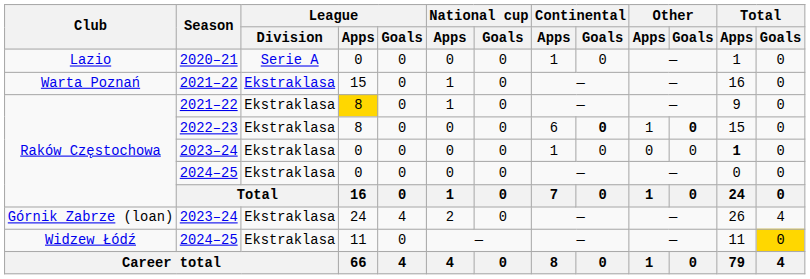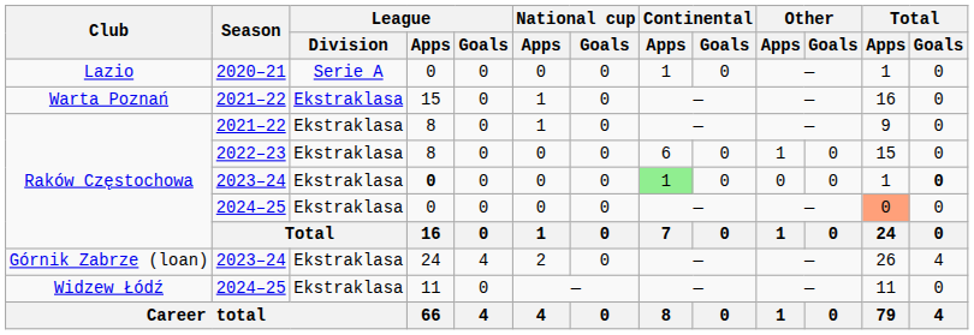 <table class="wikitable" style="text-align: center;">
 <tr>
 <th rowspan=2>Club</th>
 <th rowspan=2>Season</th>
 <th colspan=3>League</th>
 <th colspan=2>National cup</th>
 <th colspan=2>Continental</th>
 <th colspan=2>Other</th>
 <th colspan=2>Total</th>
 </tr>
 <tr>
 <th>Division</th>
 <th>Apps</th>
 <th>Goals</th>
 <th>Apps</th>
 <th>Goals</th>
 <th>Apps</th>
 <th>Goals</th>
 <th>Apps</th>
 <th>Goals</th>
 <th>Apps</th>
 <th>Goals</th>
 </tr>
 <tr>
 <td><a href='#'>Lazio</a></td>
 <td><a href='#'>2020–21</a></td>
 <td><a href='#'>Serie A</a></td>
 <td>0</td>
 <td>0</td>
 <td>0</td>
 <td>0</td>
 <td>1</td>
 <td>0</td>
 <td colspan="2">—</td>
 <td>1</td>
 <td>0</td>
 </tr>
 <tr>
 <td><a href='#'>Warta Poznań</a></td>
 <td><a href='#'>2021–22</a></td>
 <td><a href='#'>Ekstraklasa</a></td>
 <td>15</td>
 <td>0</td>
 <td>1</td>
 <td>0</td>
 <td colspan="2">—</td>
 <td colspan="2">—</td>
 <td>16</td>
 <td>0</td>
 </tr>
 <tr>
 <td rowspan="5"><a href='#'>Raków Częstochowa</a></td>
 <td><a href='#'>2021–22</a></td>
 <td>Ekstraklasa</td>
-<td style="background: gold;">8</td>
+<td>8</td>
 <td>0</td>
 <td>1</td>
 <td>0</td>
 <td colspan="2">—</td>
 <td colspan="2">—</td>
 <td>9</td>
 <td>0</td>
 </tr>
 <tr>
 <td><a href='#'>2022–23</a></td>
 <td>Ekstraklasa</td>
 <td>8</td>
 <td>0</td>
 <td>0</td>
 <td>0</td>
 <td>6</td>
-<td><strong>0</strong></td>
+<td>0</td>
 <td>1</td>
-<td><strong>0</strong></td>
+<td>0</td>
 <td>15</td>
 <td>0</td>
 </tr>
 <tr>
 <td><a href='#'>2023–24</a></td>
 <td>Ekstraklasa</td>
+<td><strong>0</strong></td>
 <td>0</td>
+<td>0</td>
+<td>0</td>
+<td style="background: lightgreen;">1</td>
 <td>0</td>
 <td>0</td>
 <td>0</td>
 <td>1</td>
-<td>0</td>
-<td>0</td>
-<td>0</td>
-<td><strong>1</strong></td>
-<td>0</td>
+<td><strong>0</strong></td>
 </tr>
 <tr>
 <td><a href='#'>2024–25</a></td>
 <td>Ekstraklasa</td>
 <td>0</td>
 <td>0</td>
 <td>0</td>
 <td>0</td>
 <td colspan="2">—</td>
 <td colspan="2">—</td>
-<td>0</td>
+<td style="background: lightsalmon;">0</td>
 <td>0</td>
 </tr>
 <tr>
 <th colspan="2">Total</th>
 <th>16</th>
 <th>0</th>
 <th>1</th>
 <th>0</th>
 <th>7</th>
 <th>0</th>
 <th>1</th>
 <th>0</th>
 <th>24</th>
 <th>0</th>
 </tr>
 <tr>
 <td><a href='#'>Górnik Zabrze</a> (loan)</td>
 <td><a href='#'>2023–24</a></td>
 <td>Ekstraklasa</td>
 <td>24</td>
 <td>4</td>
 <td>2</td>
 <td>0</td>
 <td colspan="2">—</td>
 <td colspan="2">—</td>
 <td>26</td>
 <td>4</td>
 </tr>
 <tr>
 <td><a href='#'>Widzew Łódź</a></td>
 <td><a href='#'>2024–25</a></td>
 <td>Ekstraklasa</td>
 <td>11</td>
 <td>0</td>
 <td colspan="2">—</td>
 <td colspan="2">—</td>
 <td colspan="2">—</td>
 <td>11</td>
-<td style="background: gold;">0</td>
+<td>0</td>
 </tr>
 <tr>
 <th colspan="3">Career total</th>
 <th>66</th>
 <th>4</th>
 <th>4</th>
 <th>0</th>
 <th>8</th>
 <th>0</th>
 <th>1</th>
 <th>0</th>
 <th>79</th>
 <th>4</th>
 </tr>
 </table>
